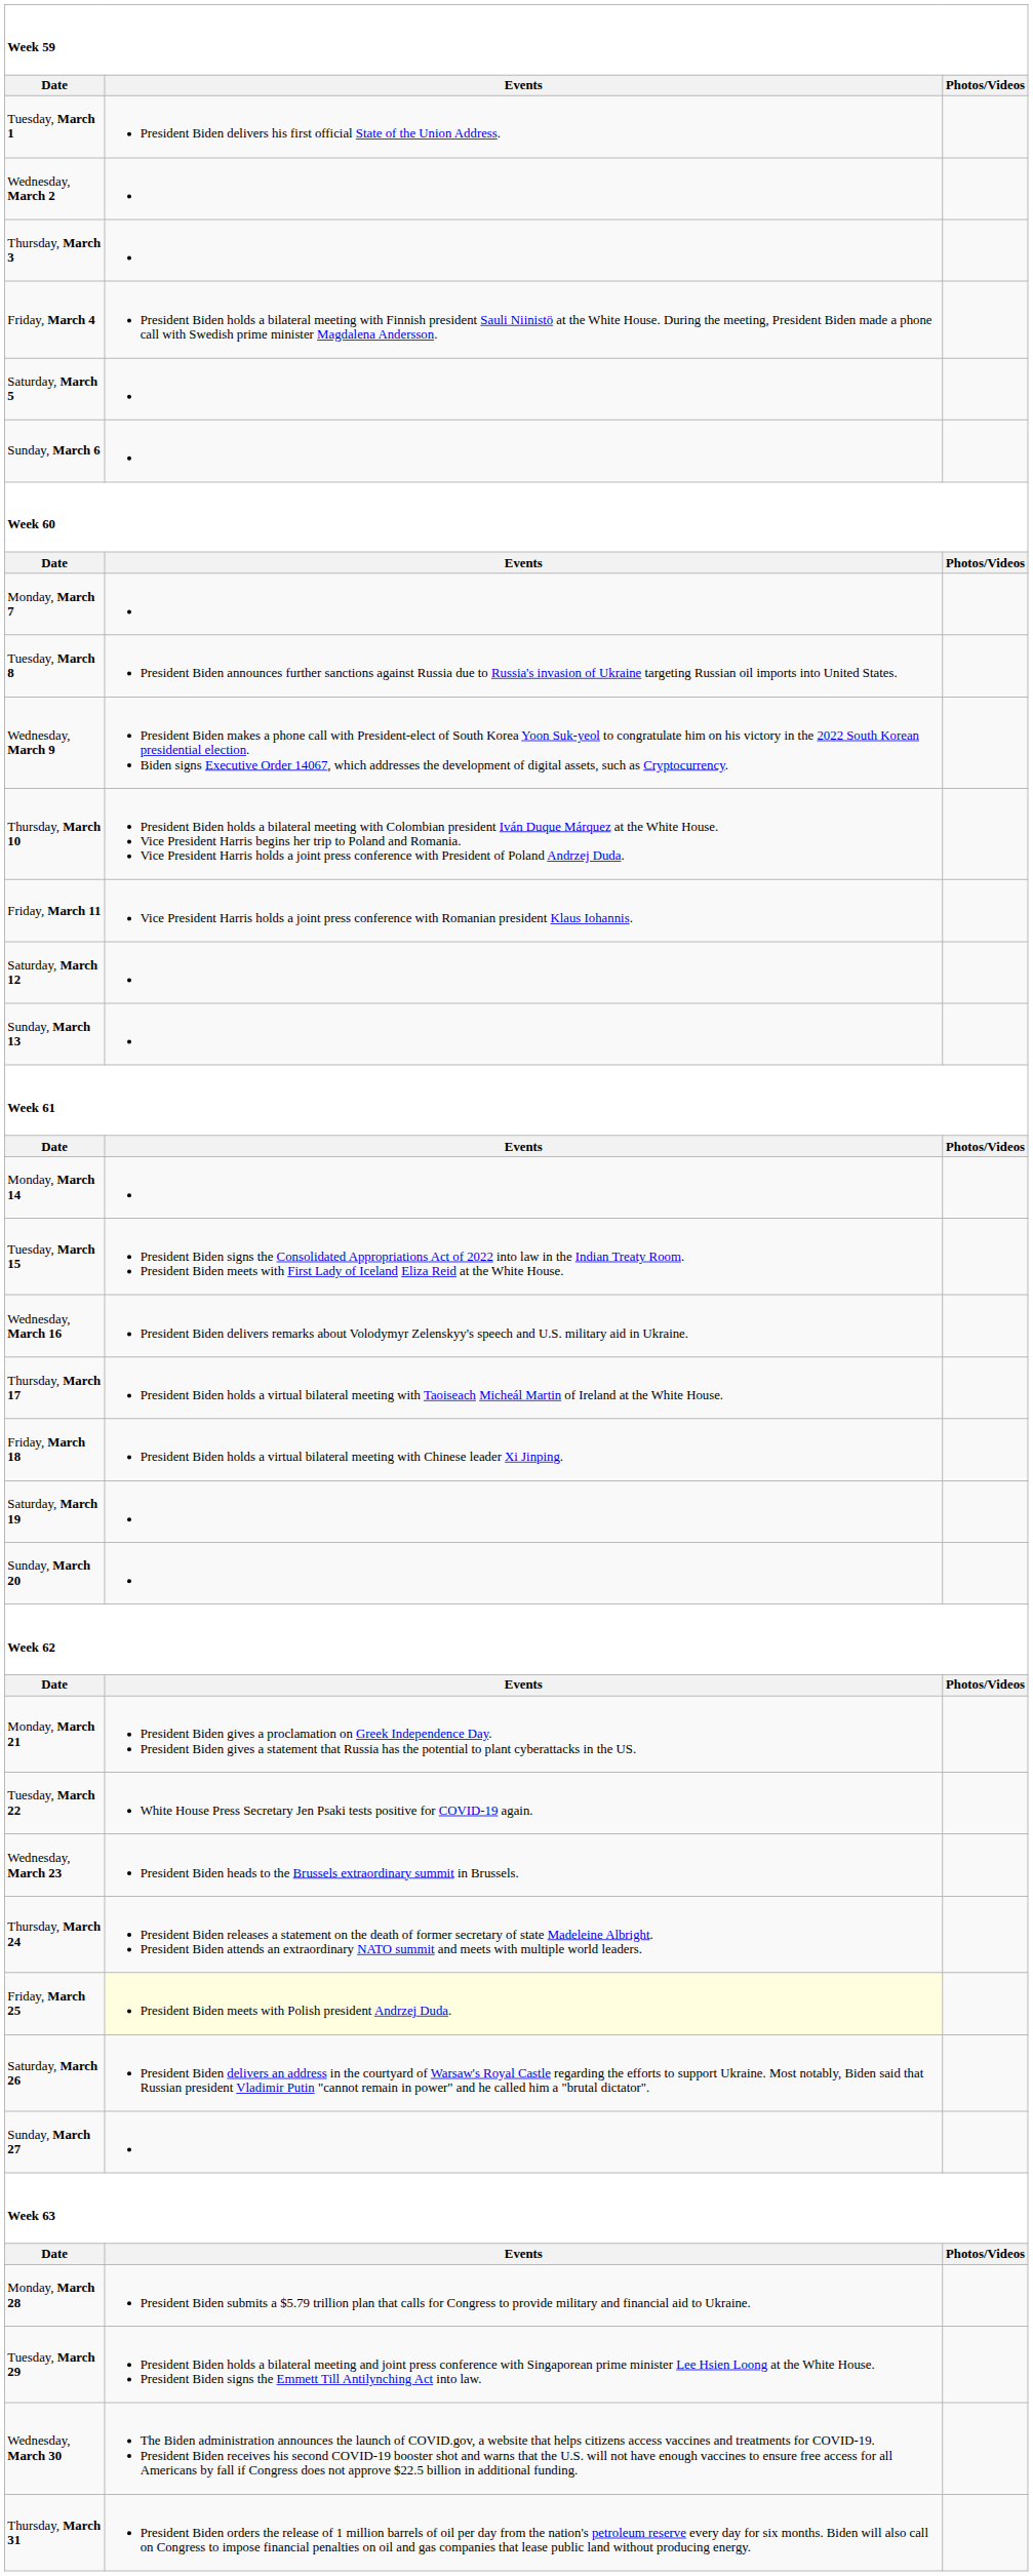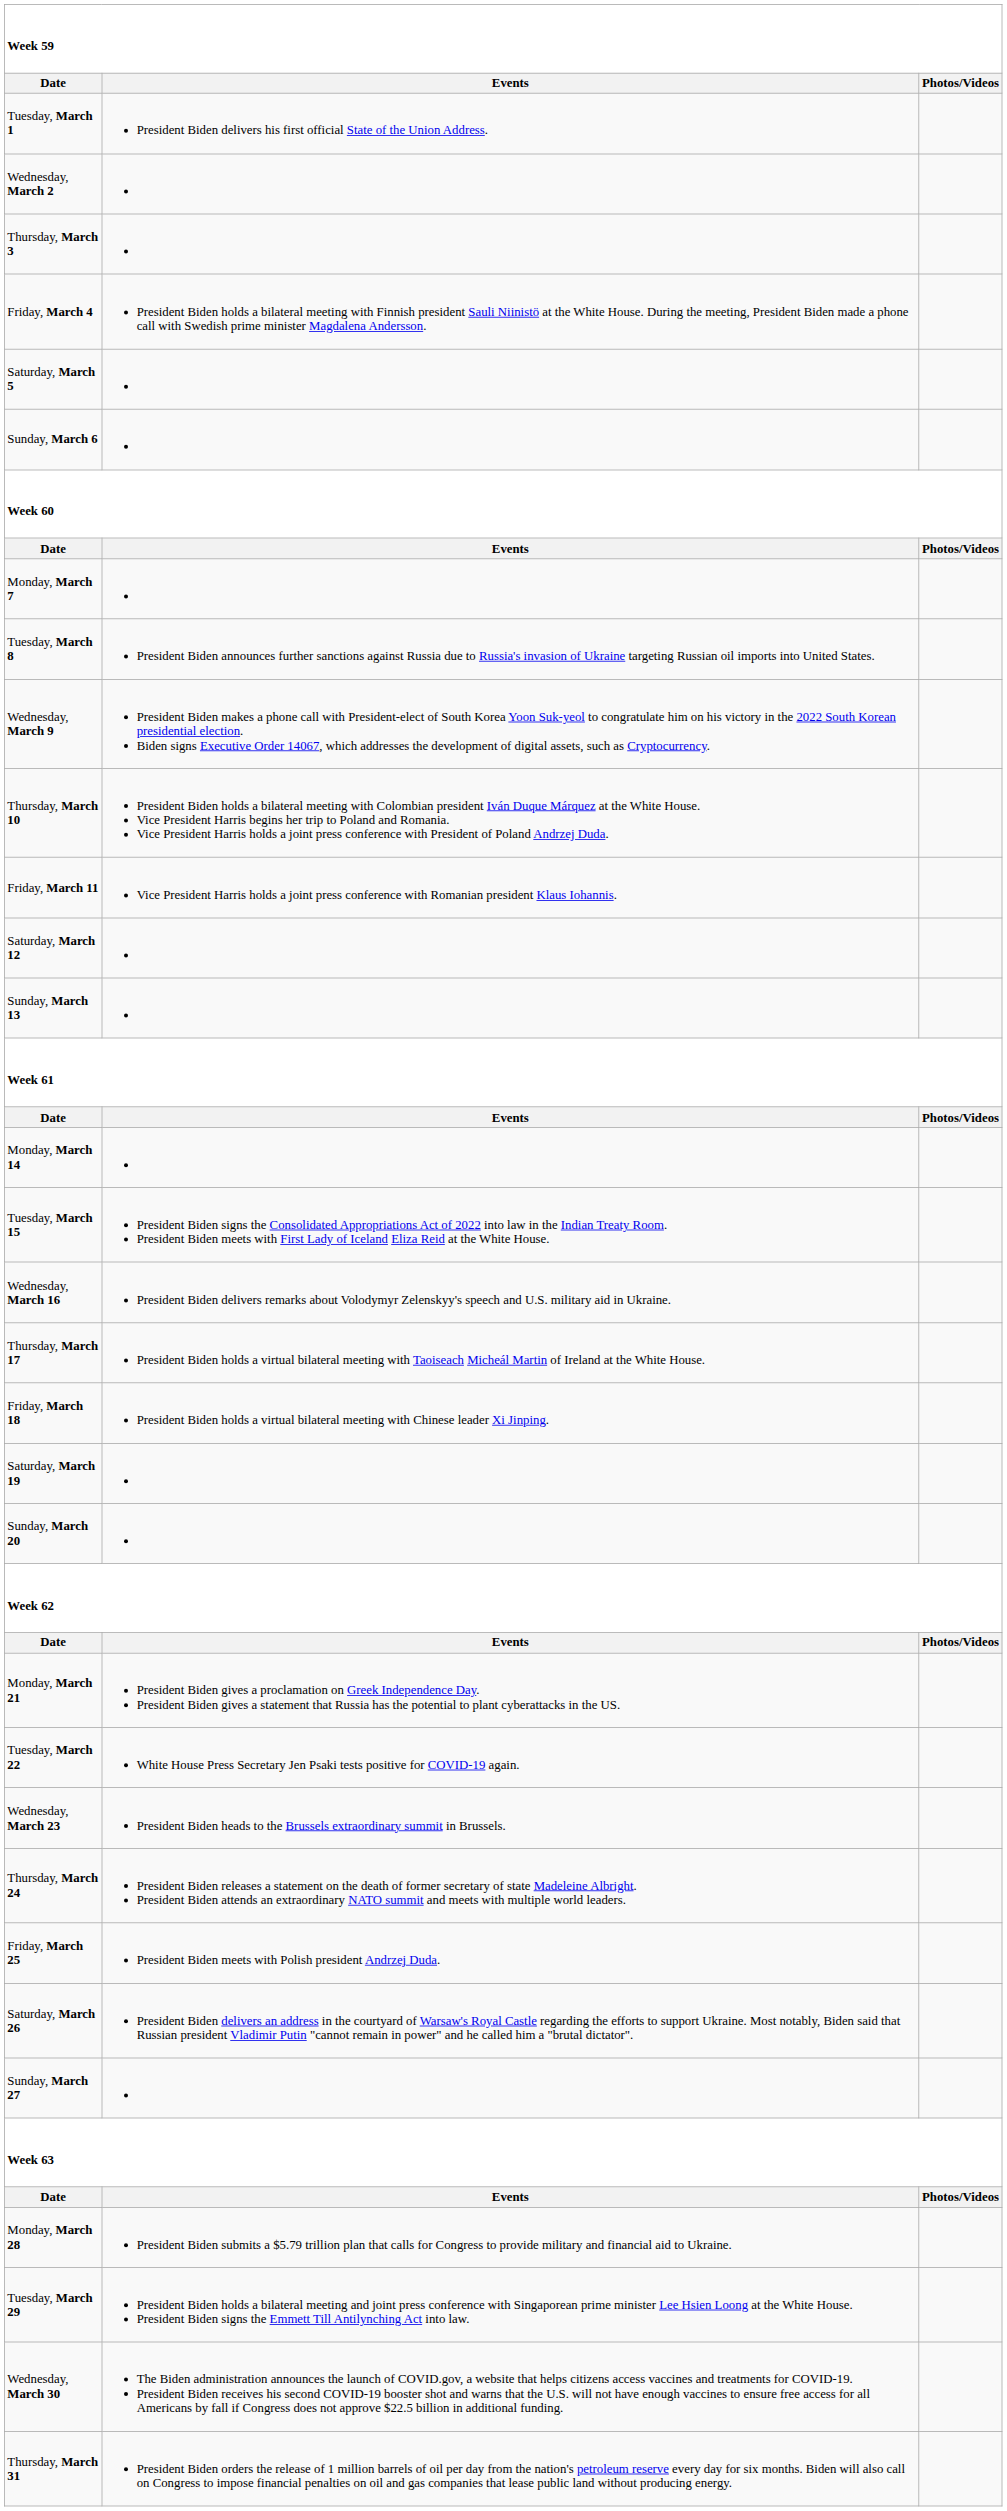 <table class="wikitable">
 <tr style="background:white;">
 <td colspan="3"><br><h4>Week 59</h4></td>
 </tr>
 <tr>
 <th>Date</th>
 <th>Events</th>
 <th>Photos/Videos</th>
 </tr>
 <tr>
 <td>Tuesday, <strong>March 1</strong></td>
 <td><br><ul><li>President Biden delivers his first official <a href='#'>State of the Union Address</a>.</li></ul></td>
 <td></td>
 </tr>
 <tr>
 <td>Wednesday, <strong>March 2</strong></td>
 <td><br><ul><li></li></ul></td>
 <td></td>
 </tr>
 <tr>
 <td>Thursday, <strong>March 3</strong></td>
 <td><br><ul><li></li></ul></td>
 <td></td>
 </tr>
 <tr>
 <td>Friday, <strong>March 4</strong></td>
 <td><br><ul><li>President Biden holds a bilateral meeting with Finnish president <a href='#'>Sauli Niinistö</a> at the White House. During the meeting, President Biden made a phone call with Swedish prime minister <a href='#'>Magdalena Andersson</a>.</li></ul></td>
 <td></td>
 </tr>
 <tr>
 <td>Saturday, <strong>March 5</strong></td>
 <td><br><ul><li></li></ul></td>
 <td></td>
 </tr>
 <tr>
 <td>Sunday, <strong>March 6</strong></td>
 <td><br><ul><li></li></ul></td>
 <td></td>
 </tr>
 <tr style="background:white;">
 <td colspan="3"><br><h4>Week 60</h4></td>
 </tr>
 <tr>
 <th>Date</th>
 <th>Events</th>
 <th>Photos/Videos</th>
 </tr>
 <tr>
 <td>Monday, <strong>March 7</strong></td>
 <td><br><ul><li></li></ul></td>
 <td></td>
 </tr>
 <tr>
 <td>Tuesday, <strong>March 8</strong></td>
 <td><br><ul><li>President Biden announces further sanctions against Russia due to <a href='#'>Russia's invasion of Ukraine</a> targeting Russian oil imports into United States.</li></ul></td>
 <td></td>
 </tr>
 <tr>
 <td>Wednesday, <strong>March 9</strong></td>
 <td><br><ul><li>President Biden makes a phone call with President-elect of South Korea <a href='#'>Yoon Suk-yeol</a> to congratulate him on his victory in the <a href='#'>2022 South Korean presidential election</a>.</li><li>Biden signs <a href='#'>Executive Order 14067</a>, which addresses the development of digital assets, such as <a href='#'>Cryptocurrency</a>.</li></ul></td>
 <td></td>
 </tr>
 <tr>
 <td>Thursday, <strong>March 10</strong></td>
 <td><br><ul><li>President Biden holds a bilateral meeting with Colombian president <a href='#'>Iván Duque Márquez</a> at the White House.</li><li>Vice President Harris begins her trip to Poland and Romania.</li><li>Vice President Harris holds a joint press conference with President of Poland <a href='#'>Andrzej Duda</a>.</li></ul></td>
 <td></td>
 </tr>
 <tr>
 <td>Friday, <strong>March 11</strong></td>
 <td><br><ul><li>Vice President Harris holds a joint press conference with Romanian president <a href='#'>Klaus Iohannis</a>.</li></ul></td>
 <td></td>
 </tr>
 <tr>
 <td>Saturday, <strong>March 12</strong></td>
 <td><br><ul><li></li></ul></td>
 <td></td>
 </tr>
 <tr>
 <td>Sunday, <strong>March 13</strong></td>
 <td><br><ul><li></li></ul></td>
 <td></td>
 </tr>
 <tr style="background:white;">
 <td colspan="3"><br><h4>Week 61</h4></td>
 </tr>
 <tr>
 <th>Date</th>
 <th>Events</th>
 <th>Photos/Videos</th>
 </tr>
 <tr>
 <td>Monday, <strong>March 14</strong></td>
 <td><br><ul><li></li></ul></td>
 <td></td>
 </tr>
 <tr>
 <td>Tuesday, <strong>March 15</strong></td>
 <td><br><ul><li>President Biden signs the <a href='#'>Consolidated Appropriations Act of 2022</a> into law in the <a href='#'>Indian Treaty Room</a>.</li><li>President Biden meets with <a href='#'>First Lady of Iceland</a> <a href='#'>Eliza Reid</a> at the White House.</li></ul></td>
 <td></td>
 </tr>
 <tr>
 <td>Wednesday, <strong>March 16</strong></td>
 <td><br><ul><li>President Biden delivers remarks about Volodymyr Zelenskyy's speech and U.S. military aid in Ukraine.</li></ul></td>
 <td></td>
 </tr>
 <tr>
 <td>Thursday, <strong>March 17</strong></td>
 <td><br><ul><li>President Biden holds a virtual bilateral meeting with <a href='#'>Taoiseach</a> <a href='#'>Micheál Martin</a> of Ireland at the White House.</li></ul></td>
 <td></td>
 </tr>
 <tr>
 <td>Friday, <strong>March 18</strong></td>
 <td><br><ul><li>President Biden holds a virtual bilateral meeting with Chinese leader <a href='#'>Xi Jinping</a>.</li></ul></td>
 <td></td>
 </tr>
 <tr>
 <td>Saturday, <strong>March 19</strong></td>
 <td><br><ul><li></li></ul></td>
 <td></td>
 </tr>
 <tr>
 <td>Sunday, <strong>March 20</strong></td>
 <td><br><ul><li></li></ul></td>
 <td></td>
 </tr>
 <tr style="background:white;">
 <td colspan="3"><br><h4>Week 62</h4></td>
 </tr>
 <tr>
 <th>Date</th>
 <th>Events</th>
 <th>Photos/Videos</th>
 </tr>
 <tr>
 <td>Monday, <strong>March 21</strong></td>
 <td><br><ul><li>President Biden gives a proclamation on <a href='#'>Greek Independence Day</a>.</li><li>President Biden gives a statement that Russia has the potential to plant cyberattacks in the US.</li></ul></td>
 <td></td>
 </tr>
 <tr>
 <td>Tuesday, <strong>March 22</strong></td>
 <td><br><ul><li>White House Press Secretary Jen Psaki tests positive for <a href='#'>COVID-19</a> again.</li></ul></td>
 <td></td>
 </tr>
 <tr>
 <td>Wednesday, <strong>March 23</strong></td>
 <td><br><ul><li>President Biden heads to the <a href='#'>Brussels extraordinary summit</a> in Brussels.</li></ul></td>
 <td></td>
 </tr>
 <tr>
 <td>Thursday, <strong>March 24</strong></td>
 <td><br><ul><li>President Biden releases a statement on the death of former secretary of state <a href='#'>Madeleine Albright</a>.</li><li>President Biden attends an extraordinary <a href='#'>NATO summit</a> and meets with multiple world leaders.</li></ul></td>
 <td></td>
 </tr>
 <tr>
 <td>Friday, <strong>March 25</strong></td>
-<td style="background: lightyellow;"><br><ul><li>President Biden meets with Polish president <a href='#'>Andrzej Duda</a>.</li></ul></td>
+<td><br><ul><li>President Biden meets with Polish president <a href='#'>Andrzej Duda</a>.</li></ul></td>
 <td></td>
 </tr>
 <tr>
 <td>Saturday, <strong>March 26</strong></td>
 <td><br><ul><li>President Biden <a href='#'>delivers an address</a> in the courtyard of <a href='#'>Warsaw's Royal Castle</a> regarding the efforts to support Ukraine. Most notably, Biden said that Russian president <a href='#'>Vladimir Putin</a> "cannot remain in power" and he called him a "brutal dictator".</li></ul></td>
 <td></td>
 </tr>
 <tr>
 <td>Sunday, <strong>March 27</strong></td>
 <td><br><ul><li></li></ul></td>
 <td></td>
 </tr>
 <tr style="background:white;">
 <td colspan="3"><br><h4>Week 63</h4></td>
 </tr>
 <tr>
 <th>Date</th>
 <th>Events</th>
 <th>Photos/Videos</th>
 </tr>
 <tr>
 <td>Monday, <strong>March 28</strong></td>
 <td><br><ul><li>President Biden submits a $5.79 trillion plan that calls for Congress to provide military and financial aid to Ukraine.</li></ul></td>
 <td></td>
 </tr>
 <tr>
 <td>Tuesday, <strong>March 29</strong></td>
 <td><br><ul><li>President Biden holds a bilateral meeting and joint press conference with Singaporean prime minister <a href='#'>Lee Hsien Loong</a> at the White House.</li><li>President Biden signs the <a href='#'>Emmett Till Antilynching Act</a> into law.</li></ul></td>
 <td><br></td>
 </tr>
 <tr>
 <td>Wednesday, <strong>March 30</strong></td>
 <td><br><ul><li>The Biden administration announces the launch of COVID.gov, a website that helps citizens access vaccines and treatments for COVID-19.</li><li>President Biden receives his second COVID-19 booster shot and warns that the U.S. will not have enough vaccines to ensure free access for all Americans by fall if Congress does not approve $22.5 billion in additional funding.</li></ul></td>
 <td></td>
 </tr>
 <tr>
 <td>Thursday, <strong>March 31</strong></td>
 <td><br><ul><li>President Biden orders the release of 1 million barrels of oil per day from the nation's <a href='#'>petroleum reserve</a> every day for six months. Biden will also call on Congress to impose financial penalties on oil and gas companies that lease public land without producing energy.</li></ul></td>
 <td></td>
 </tr>
 </table>
